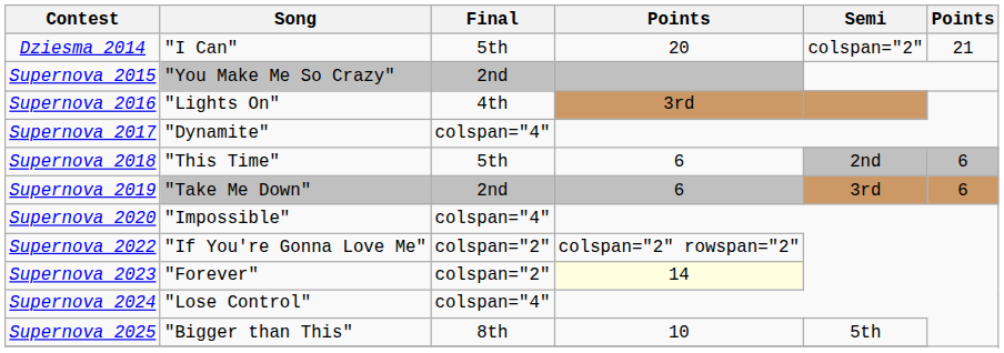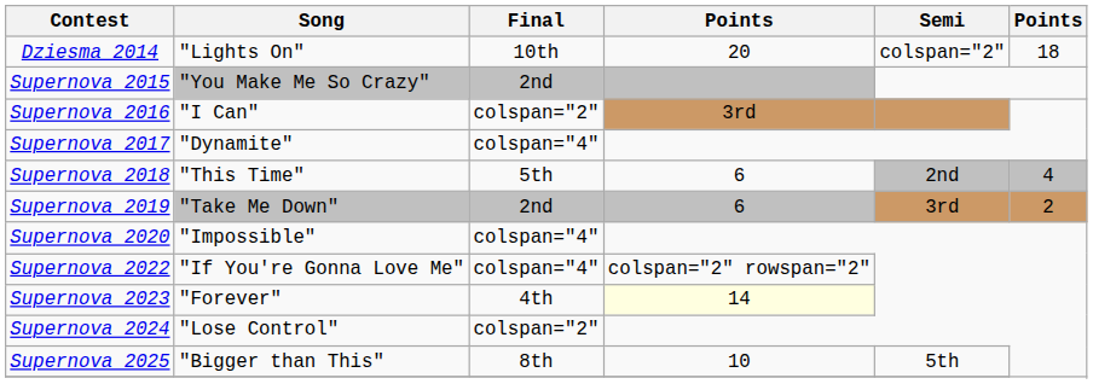 <table class="wikitable sortable plainrowheaders">
 <tr>
 <th scope="col">Contest</th>
 <th scope="col">Song</th>
 <th scope="col" data-sort-type="number">Final</th>
 <th scope="col" data-sort-type="number">Points</th>
 <th scope="col" data-sort-type="number">Semi</th>
 <th scope="col" data-sort-type="number">Points</th>
 </tr>
 <tr>
 <td scope="row" style="text-align:center"><em><a href='#'>Dziesma 2014</a></em></td>
-<td>"I Can"</td>
-<td align=center>5th</td>
+<td>"Lights On"</td>
+<td align=center>10th</td>
 <td align=center>20</td>
 <td>colspan="2" </td>
-<td align=center>21</td>
+<td align=center>18</td>
 </tr>
 <tr>
 <td scope="row" style="text-align:center" style="background:silver;"><em><a href='#'>Supernova 2015</a></em></td>
 <td style="background:silver;">"You Make Me So Crazy"</td>
 <td align=center style="background:silver;">2nd</td>
 <td align=center style="background:silver;"></td>
 <td colspan="2" align=center></td>
 </tr>
 <tr>
 <td scope="row" style="text-align:center"><em><a href='#'>Supernova 2016</a></em></td>
-<td>"Lights On"</td>
-<td align=center>4th</td>
+<td>"I Can"</td>
+<td>colspan="2" </td>
 <td align=center style="background:#c96;">3rd</td>
 <td align=center style="background:#c96;"></td>
 </tr>
 <tr>
 <td scope="row" style="text-align:center"><em><a href='#'>Supernova 2017</a></em></td>
 <td>"Dynamite"</td>
 <td>colspan="4" </td>
 </tr>
 <tr>
 <td scope="row" style="text-align:center"><em><a href='#'>Supernova 2018</a></em></td>
 <td>"This Time"</td>
 <td align=center>5th</td>
 <td align=center>6</td>
 <td align=center style="background:silver;">2nd</td>
-<td align=center style="background:silver;">6</td>
+<td align=center style="background:silver;">4</td>
 </tr>
 <tr>
 <td scope="row" style="text-align:center" style="background:silver;"><em><a href='#'>Supernova 2019</a></em></td>
 <td style="background:silver;">"Take Me Down"</td>
 <td align=center style="background:silver;">2nd</td>
 <td align=center style="background:silver;">6</td>
 <td align=center style="background:#c96;">3rd</td>
-<td align=center style="background:#c96;">6</td>
+<td align=center style="background:#c96;">2</td>
 </tr>
 <tr>
 <td scope="row" style="text-align:center"><em><a href='#'>Supernova 2020</a></em></td>
 <td>"Impossible"</td>
 <td>colspan="4" </td>
 </tr>
 <tr>
 <td scope="row" style="text-align:center"><em><a href='#'>Supernova 2022</a></em></td>
 <td>"If You're Gonna Love Me"</td>
-<td>colspan="2" </td>
+<td>colspan="4" </td>
 <td>colspan="2" rowspan="2" </td>
 </tr>
 <tr>
 <td scope="row" style="text-align:center"><em><a href='#'>Supernova 2023</a></em></td>
 <td>"Forever"</td>
-<td>colspan="2" </td>
+<td align=center>4th</td>
 <td align=center style="background: lightyellow;">14</td>
 </tr>
 <tr>
 <td scope="row" style="text-align:center"><em><a href='#'>Supernova 2024</a></em></td>
 <td>"Lose Control"</td>
-<td>colspan="4" </td>
+<td>colspan="2" </td>
 </tr>
 <tr>
 <td scope="row" style="text-align:center"><em><a href='#'>Supernova 2025</a></em></td>
 <td>"Bigger than This"</td>
 <td align=center>8th</td>
 <td align=center>10</td>
 <td align=center>5th</td>
 </tr>
 <tr>
 </tr>
 </table>
